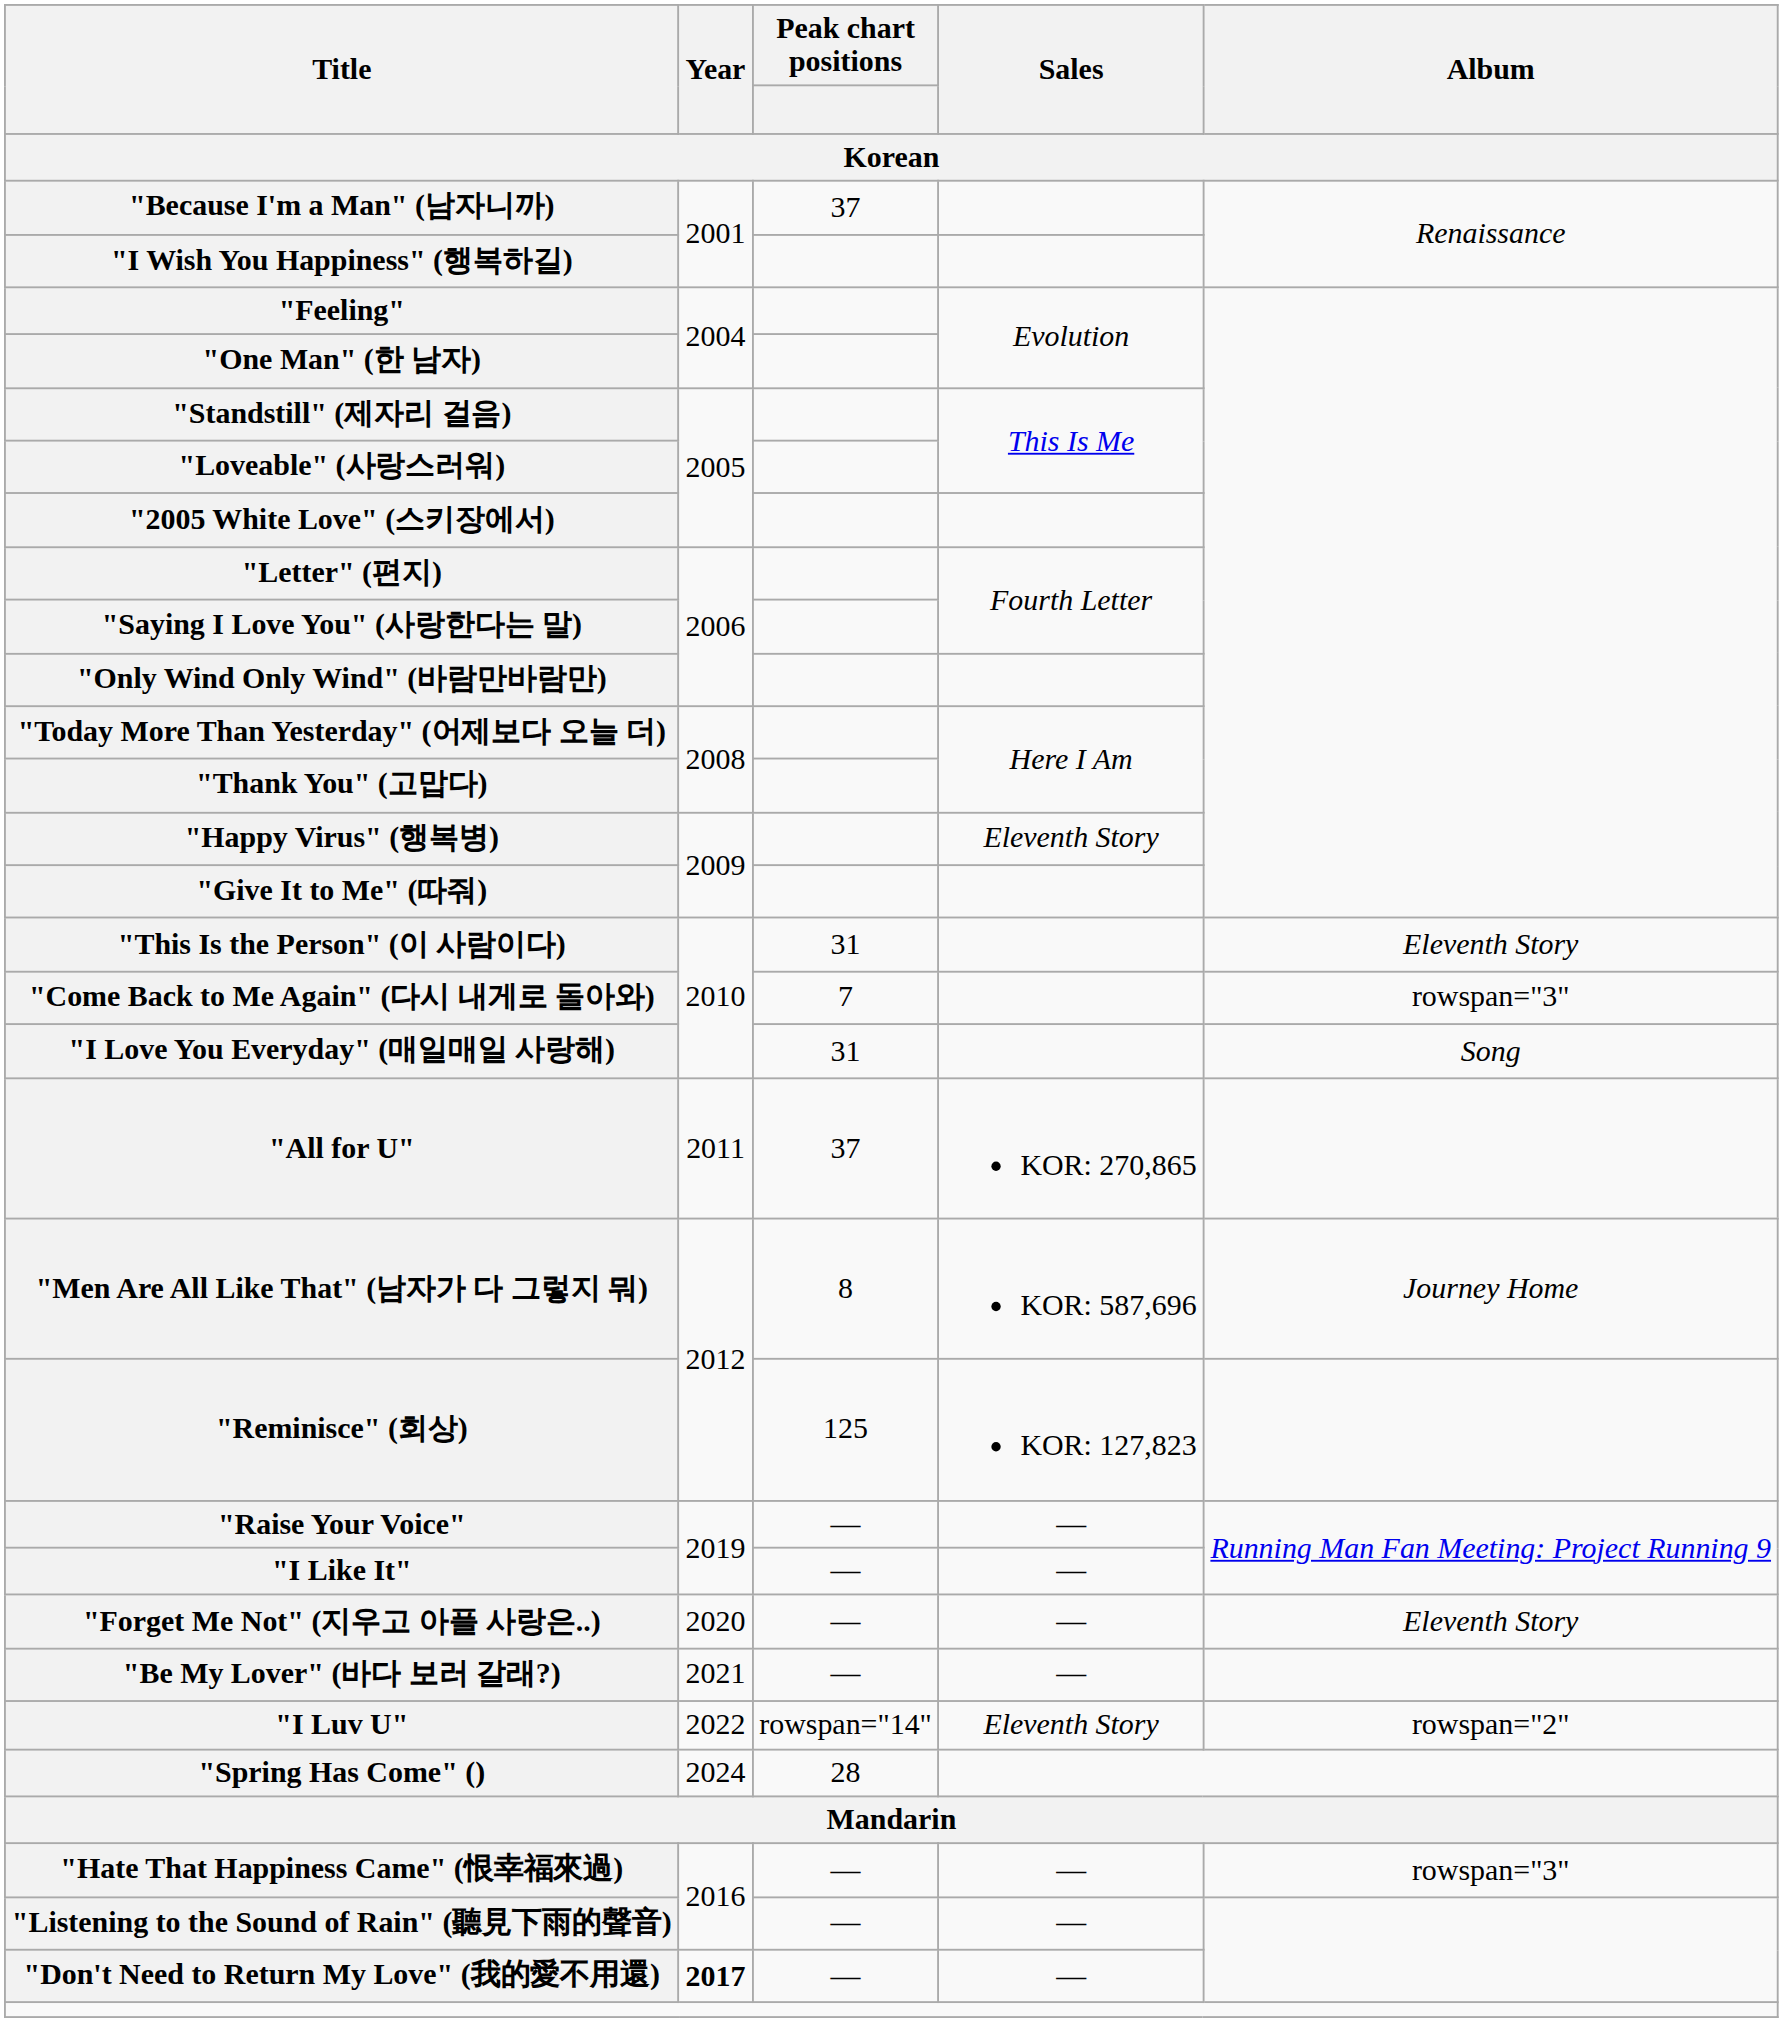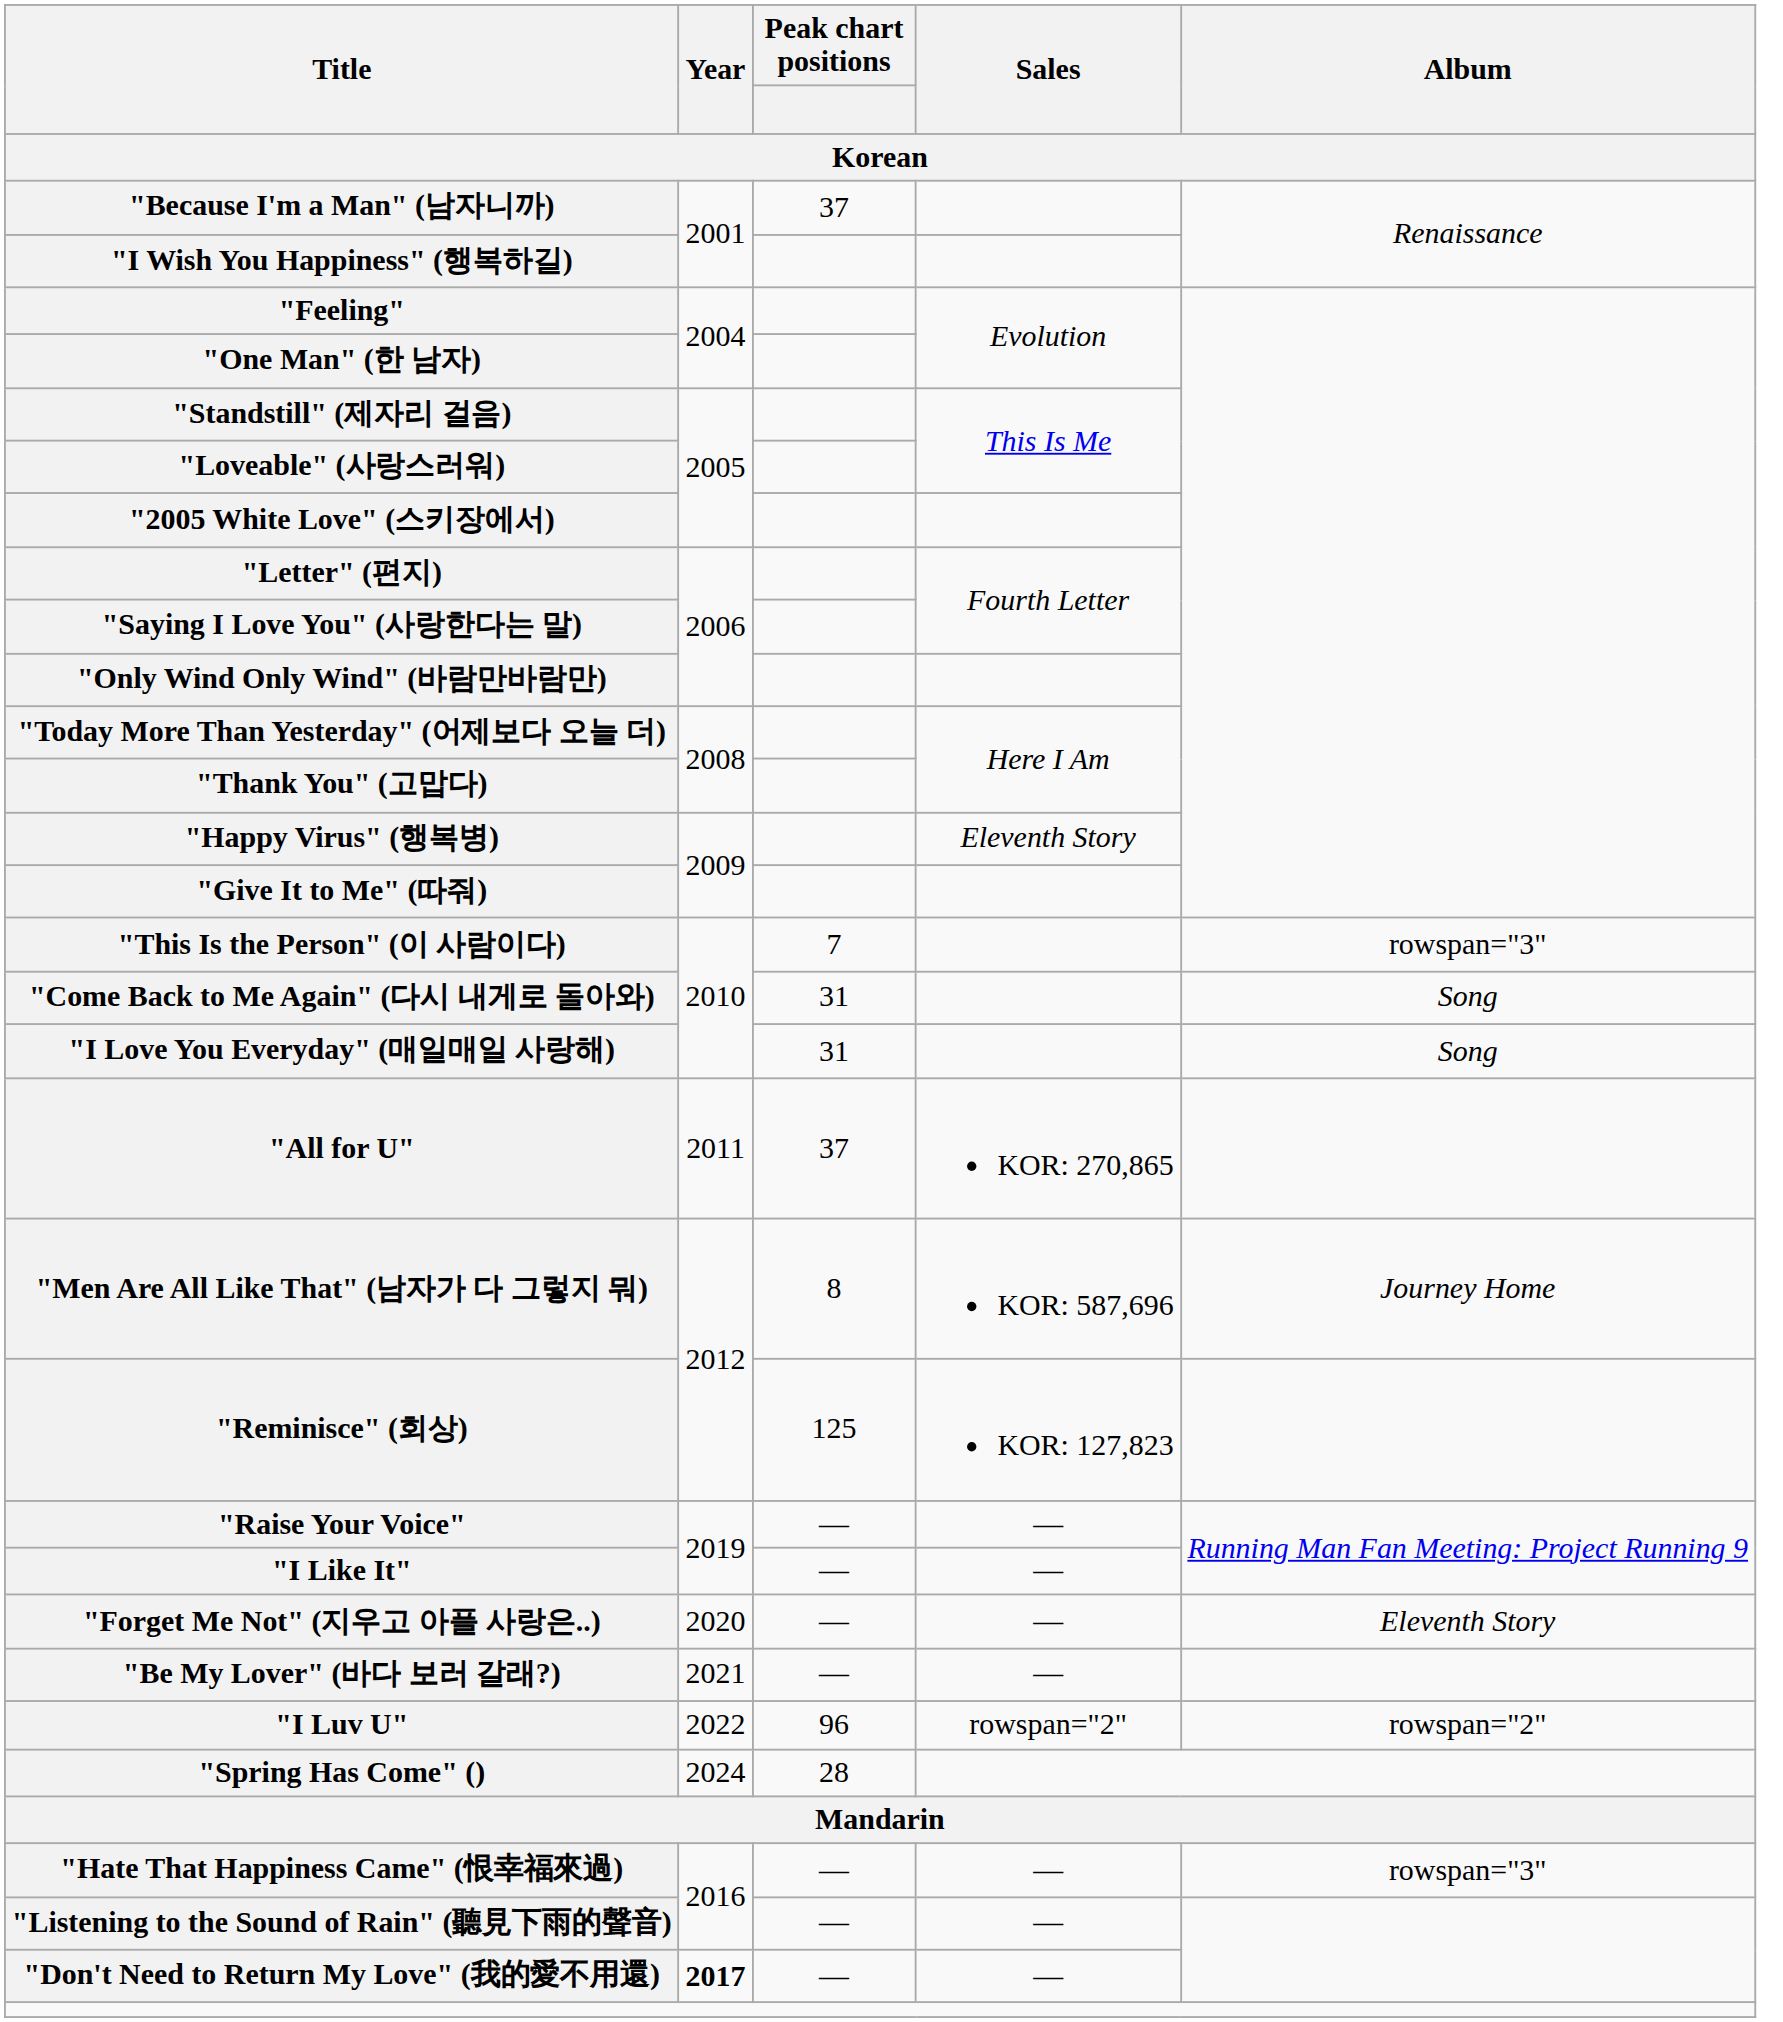 <table class="wikitable plainrowheaders" style="text-align:center">
 <tr>
 <th rowspan="2" scope="col">Title</th>
 <th rowspan="2" scope="col">Year</th>
 <th colspan="1" scope="col" style="width:5em">Peak chart positions</th>
 <th rowspan="2" scope="col">Sales</th>
 <th rowspan="2" scope="col">Album</th>
 </tr>
 <tr>
 <th><br></th>
 </tr>
 <tr>
 <th colspan="5">Korean</th>
 </tr>
 <tr>
 <th scope="row">"Because I'm a Man" (남자니까)</th>
 <td rowspan="2">2001</td>
 <td>37</td>
 <td></td>
 <td rowspan="2"><em>Renaissance</em></td>
 </tr>
 <tr>
 <th scope="row">"I Wish You Happiness" (행복하길)</th>
 <td></td>
 </tr>
 <tr>
 <th scope="row">"Feeling"</th>
 <td rowspan="2">2004</td>
 <td></td>
 <td rowspan="2"><em>Evolution</em></td>
 </tr>
 <tr>
 <th scope="row">"One Man" (한 남자)</th>
 <td></td>
 </tr>
 <tr>
 <th scope="row">"Standstill" (제자리 걸음)</th>
 <td rowspan="3">2005</td>
 <td></td>
 <td rowspan="2"><em><a href='#'>This Is Me</a></em></td>
 </tr>
 <tr>
 <th scope="row">"Loveable" (사랑스러워)</th>
 <td></td>
 </tr>
 <tr>
 <th scope="row">"2005 White Love" (스키장에서) <br></th>
 <td></td>
 <td></td>
 </tr>
 <tr>
 <th scope="row">"Letter" (편지)</th>
 <td rowspan="3">2006</td>
 <td></td>
 <td rowspan="2"><em>Fourth Letter</em></td>
 </tr>
 <tr>
 <th scope="row">"Saying I Love You" (사랑한다는 말)</th>
 <td></td>
 </tr>
 <tr>
 <th scope="row">"Only Wind Only Wind" (바람만바람만) <br> </th>
 <td></td>
 <td></td>
 </tr>
 <tr>
 <th scope="row">"Today More Than Yesterday" (어제보다 오늘 더)</th>
 <td rowspan="2">2008</td>
 <td></td>
 <td rowspan="2"><em>Here I Am</em></td>
 </tr>
 <tr>
 <th scope="row">"Thank You" (고맙다)</th>
 <td></td>
 </tr>
 <tr>
 <th scope="row">"Happy Virus" (행복병) <br> </th>
 <td rowspan="2">2009</td>
 <td></td>
 <td><em>Eleventh Story</em></td>
 </tr>
 <tr>
 <th scope="row">"Give It to Me" (따줘)</th>
 <td></td>
 <td></td>
 </tr>
 <tr>
 <th scope="row">"This Is the Person" (이 사람이다)</th>
 <td rowspan="3">2010</td>
-<td>31</td>
+<td>7</td>
 <td></td>
-<td><em>Eleventh Story</em></td>
+<td>rowspan="3" </td>
 </tr>
 <tr>
 <th scope="row">"Come Back to Me Again" (다시 내게로 돌아와) <br></th>
-<td>7</td>
+<td>31</td>
 <td></td>
-<td>rowspan="3" </td>
+<td><em>Song</em></td>
 </tr>
 <tr>
 <th scope="row">"I Love You Everyday" (매일매일 사랑해) <br></th>
 <td>31</td>
 <td></td>
 <td><em>Song</em></td>
 </tr>
 <tr>
 <th scope="row">"All for U" <br></th>
 <td>2011</td>
 <td>37</td>
 <td><br><ul><li>KOR: 270,865</li></ul></td>
 </tr>
 <tr>
 <th scope="row">"Men Are All Like That" (남자가 다 그렇지 뭐)</th>
 <td rowspan="2">2012</td>
 <td>8</td>
 <td><br><ul><li>KOR: 587,696</li></ul></td>
 <td><em>Journey Home</em></td>
 </tr>
 <tr>
 <th scope="row">"Reminisce" (회상)<br></th>
 <td>125</td>
 <td><br><ul><li>KOR: 127,823</li></ul></td>
 <td></td>
 </tr>
 <tr>
 <th scope="row">"Raise Your Voice" <br> </th>
 <td rowspan="2">2019</td>
 <td>—</td>
 <td>—</td>
 <td rowspan="2"><em><a href='#'>Running Man Fan Meeting: Project Running 9</a></em></td>
 </tr>
 <tr>
 <th scope="row">"I Like It"<br></th>
 <td>—</td>
 <td>—</td>
 </tr>
 <tr>
 <th scope="row">"Forget Me Not" (지우고 아플 사랑은..)</th>
 <td>2020</td>
 <td>—</td>
 <td>—</td>
 <td><em>Eleventh Story</em></td>
 </tr>
 <tr>
 <th scope="row">"Be My Lover" (바다 보러 갈래?)<br></th>
 <td>2021</td>
 <td>—</td>
 <td>—</td>
 </tr>
 <tr>
 <th scope="row">"I Luv U" <br></th>
 <td>2022</td>
-<td>rowspan="14" </td>
-<td><em>Eleventh Story</em></td>
+<td>96</td>
+<td>rowspan="2" </td>
 <td>rowspan="2" </td>
 </tr>
 <tr>
 <th scope="row">"Spring Has Come" () <br></th>
 <td>2024</td>
 <td>28</td>
 </tr>
 <tr>
 <th colspan="5">Mandarin</th>
 </tr>
 <tr>
 <th scope="row">"Hate That Happiness Came" (恨幸福來過)</th>
 <td rowspan="2">2016</td>
 <td>—</td>
 <td>—</td>
 <td>rowspan="3" </td>
 </tr>
 <tr>
 <th scope="row">"Listening to the Sound of Rain" (聽見下雨的聲音)</th>
 <td>—</td>
 <td>—</td>
 </tr>
 <tr>
 <th scope="row">"Don't Need to Return My Love" (我的愛不用還)</th>
 <td><strong>2017</strong></td>
 <td>—</td>
 <td>—</td>
 </tr>
 <tr>
 <td colspan="5"></td>
 </tr>
 </table>
